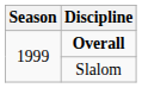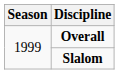 <table class=wikitable style="text-align:center">
 <tr>
 <th>Season</th>
 <th>Discipline</th>
 </tr>
 <tr>
 <td rowspan="2" align="center">1999</td>
 <td><strong>Overall</strong></td>
 </tr>
 <tr>
-<td>Slalom</td>
+<td><strong>Slalom</strong></td>
 </tr>
 </table>
